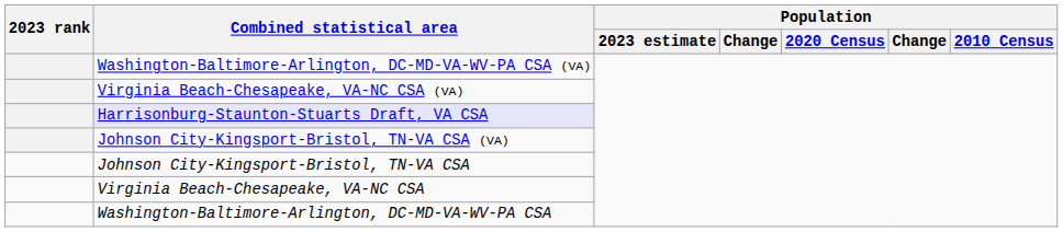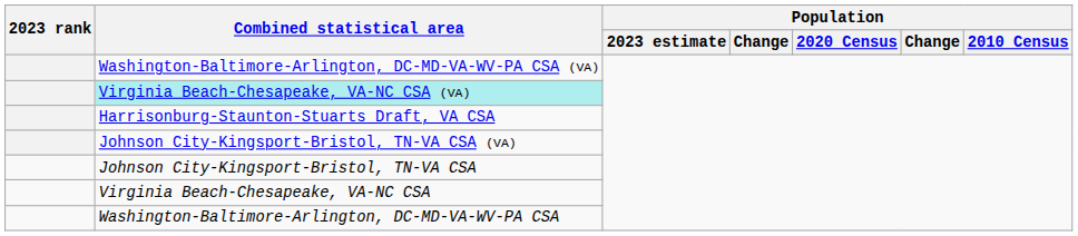 <table class="wikitable sortable">
 <tr>
 <th scope=col rowspan=2>2023 rank</th>
 <th scope=col rowspan=2><a href='#'>Combined statistical area</a></th>
 <th colspan=5>Population</th>
 </tr>
 <tr>
 <th scope=col>2023 estimate</th>
 <th scope=col>Change</th>
 <th scope=col><a href='#'>2020 Census</a></th>
 <th scope=col>Change</th>
 <th scope=col><a href='#'>2010 Census</a></th>
 </tr>
 <tr>
 <th scope=row></th>
 <td><a href='#'>Washington-Baltimore-Arlington, DC-MD-VA-WV-PA CSA</a> <small>(VA)</small><br></td>
 </tr>
 <tr>
 <th scope=row></th>
-<td><a href='#'>Virginia Beach-Chesapeake, VA-NC CSA</a> <small>(VA)</small><br></td>
+<td style="background: paleturquoise;"><a href='#'>Virginia Beach-Chesapeake, VA-NC CSA</a> <small>(VA)</small><br></td>
 </tr>
 <tr>
 <th scope=row></th>
-<td style="background: lavender;"><a href='#'>Harrisonburg-Staunton-Stuarts Draft, VA CSA</a><br></td>
+<td><a href='#'>Harrisonburg-Staunton-Stuarts Draft, VA CSA</a><br></td>
 </tr>
 <tr>
 <th scope=row></th>
 <td><a href='#'>Johnson City-Kingsport-Bristol, TN-VA CSA</a> <small>(VA)</small><br></td>
 </tr>
 <tr>
 <td></td>
 <td><em><span>Johnson City-Kingsport-Bristol, TN-VA CSA</span></em><br></td>
 </tr>
 <tr>
 <td></td>
 <td><em><span>Virginia Beach-Chesapeake, VA-NC CSA</span></em><br></td>
 </tr>
 <tr>
 <td></td>
 <td><em><span>Washington-Baltimore-Arlington, DC-MD-VA-WV-PA CSA</span></em><br></td>
 </tr>
 </table>
